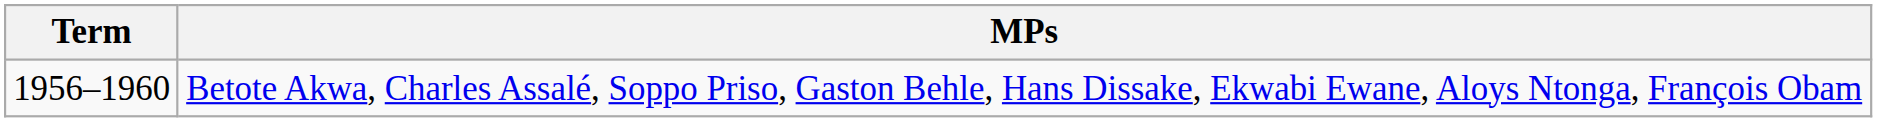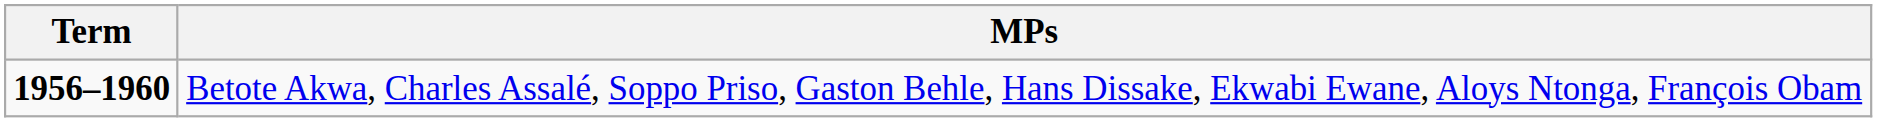 <table class=wikitable>
 <tr>
 <th>Term</th>
 <th>MPs</th>
 </tr>
 <tr>
-<td>1956–1960</td>
+<td><strong>1956–1960</strong></td>
 <td><a href='#'>Betote Akwa</a>, <a href='#'>Charles Assalé</a>, <a href='#'>Soppo Priso</a>, <a href='#'>Gaston Behle</a>, <a href='#'>Hans Dissake</a>, <a href='#'>Ekwabi Ewane</a>, <a href='#'>Aloys Ntonga</a>, <a href='#'>François Obam</a></td>
 </tr>
 </table>
